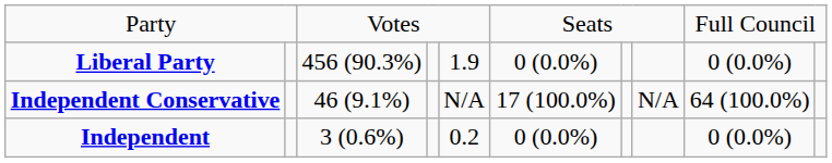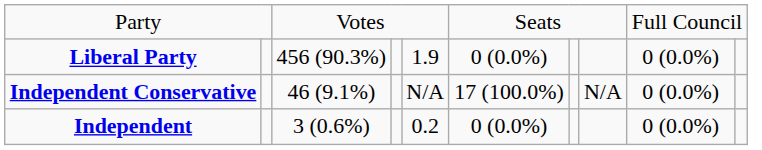 <table class=wikitable style="text-align:center;">
 <tr>
 <td colspan=2>Party</td>
 <td colspan=3>Votes</td>
 <td colspan=3>Seats</td>
 <td colspan=3>Full Council</td>
 </tr>
 <tr>
 <td><strong><a href='#'>Liberal Party</a></strong></td>
 <td style="background:"></td>
 <td>456 (90.3%)</td>
 <td></td>
 <td> 1.9</td>
 <td>0 (0.0%)</td>
 <td></td>
 <td></td>
 <td>0 (0.0%)</td>
 <td></td>
 </tr>
 <tr>
 <td><strong><a href='#'>Independent Conservative</a></strong></td>
 <td style="background:"></td>
 <td>46 (9.1%)</td>
 <td></td>
 <td>N/A</td>
 <td>17 (100.0%)</td>
 <td></td>
 <td>N/A</td>
-<td>64 (100.0%)</td>
+<td>0 (0.0%)</td>
 <td></td>
 </tr>
 <tr>
 <td><strong><a href='#'>Independent</a></strong></td>
 <td style="background:"></td>
 <td>3 (0.6%)</td>
 <td></td>
 <td> 0.2</td>
 <td>0 (0.0%)</td>
 <td></td>
 <td></td>
 <td>0 (0.0%)</td>
 <td></td>
 </tr>
 </table>
